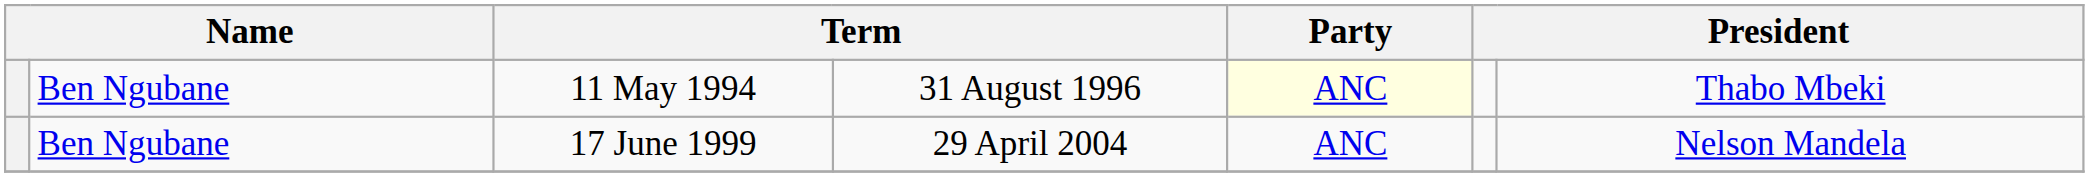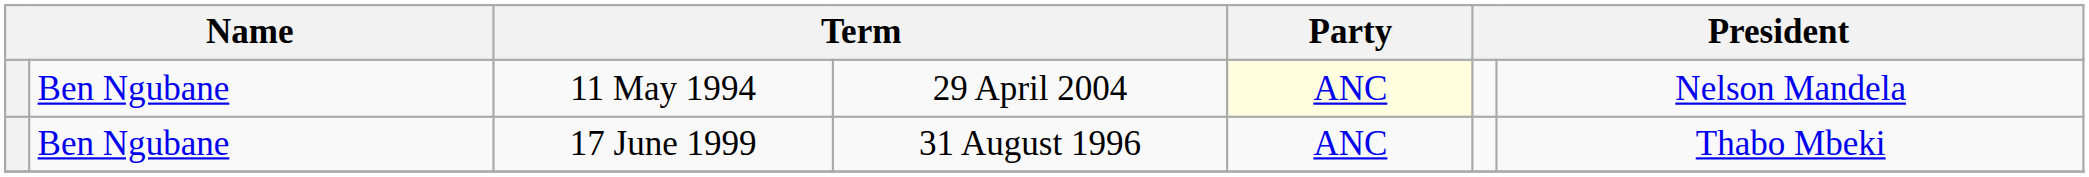 <table class="wikitable" width=60%>
 <tr>
 <th colspan=2 width=20%>Name</th>
 <th colspan=2 width=30%>Term</th>
 <th width=10%>Party</th>
 <th colspan=2 width=25%>President</th>
 </tr>
 <tr style="text-align:center">
 <th style="width:1%;background-color: "></th>
 <td align=left><a href='#'>Ben Ngubane</a></td>
 <td>11 May 1994</td>
-<td>31 August 1996</td>
+<td>29 April 2004</td>
 <td style="background: lightyellow;"><a href='#'>ANC</a></td>
 <td style="width:1%;background-color: "></td>
-<td><a href='#'>Thabo Mbeki</a><br> </td>
+<td><a href='#'>Nelson Mandela</a><br> </td>
 </tr>
 <tr style="text-align:center">
 <th style="width:1%;background-color: "></th>
 <td align=left><a href='#'>Ben Ngubane</a></td>
 <td>17 June 1999</td>
-<td>29 April 2004</td>
+<td>31 August 1996</td>
 <td><a href='#'>ANC</a></td>
 <td style="width:1%;background-color: "></td>
-<td><a href='#'>Nelson Mandela</a><br> </td>
+<td><a href='#'>Thabo Mbeki</a><br> </td>
 </tr>
 <tr>
 </tr>
 </table>
